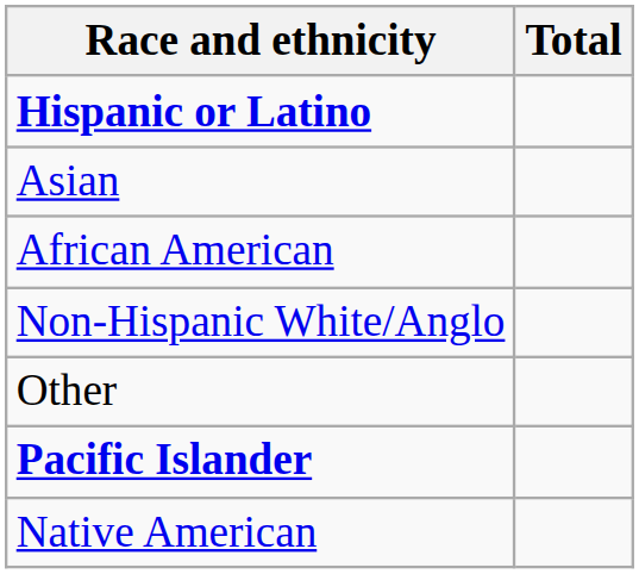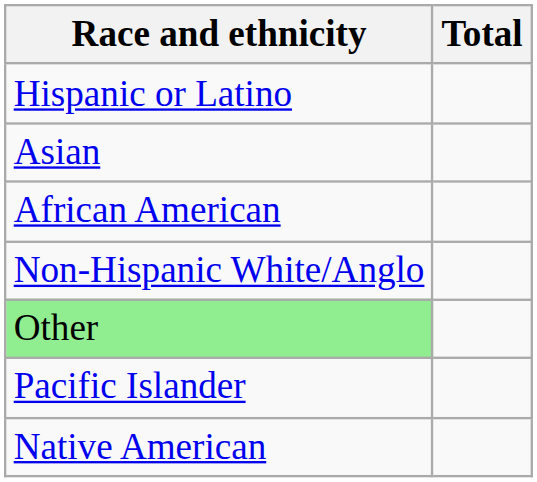 <table class="wikitable floatright sortable collapsible"; text-align:right; font-size:80%;">
 <tr>
 <th>Race and ethnicity</th>
 <th colspan="2" data-sort-type=number>Total</th>
 </tr>
 <tr>
-<td><strong><a href='#'>Hispanic or Latino</a></strong></td>
+<td><a href='#'>Hispanic or Latino</a></td>
 <td align=right></td>
 </tr>
 <tr>
 <td><a href='#'>Asian</a></td>
 <td align=right></td>
 </tr>
 <tr>
 <td><a href='#'>African American</a></td>
 <td align=right></td>
 </tr>
 <tr>
 <td><a href='#'>Non-Hispanic White/Anglo</a></td>
 <td align=right></td>
 </tr>
 <tr>
-<td>Other</td>
+<td style="background: lightgreen;">Other</td>
 <td align=right></td>
 </tr>
 <tr>
-<td><strong><a href='#'>Pacific Islander</a></strong></td>
+<td><a href='#'>Pacific Islander</a></td>
 <td align=right></td>
 </tr>
 <tr>
 <td><a href='#'>Native American</a></td>
 <td align=right></td>
 </tr>
 </table>
